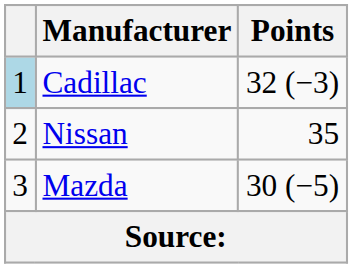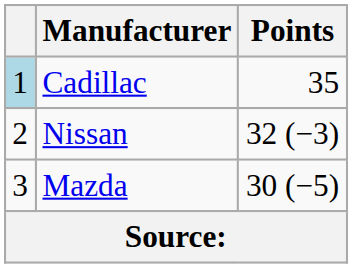 <table class="wikitable" style="font-size: 95%;">
 <tr>
 <th scope="col"></th>
 <th scope="col">Manufacturer</th>
 <th scope="col">Points</th>
 </tr>
 <tr>
 <td align=center style="background: lightblue;">1</td>
 <td> <a href='#'>Cadillac</a></td>
-<td align=right>32 (−3)</td>
+<td align=right>35</td>
 </tr>
 <tr>
 <td align=center>2</td>
 <td> <a href='#'>Nissan</a></td>
-<td align=right>35</td>
+<td align=right>32 (−3)</td>
 </tr>
 <tr>
 <td align=center>3</td>
 <td> <a href='#'>Mazda</a></td>
 <td align=right>30 (−5)</td>
 </tr>
 <tr>
 <th colspan=4>Source:</th>
 </tr>
 </table>
